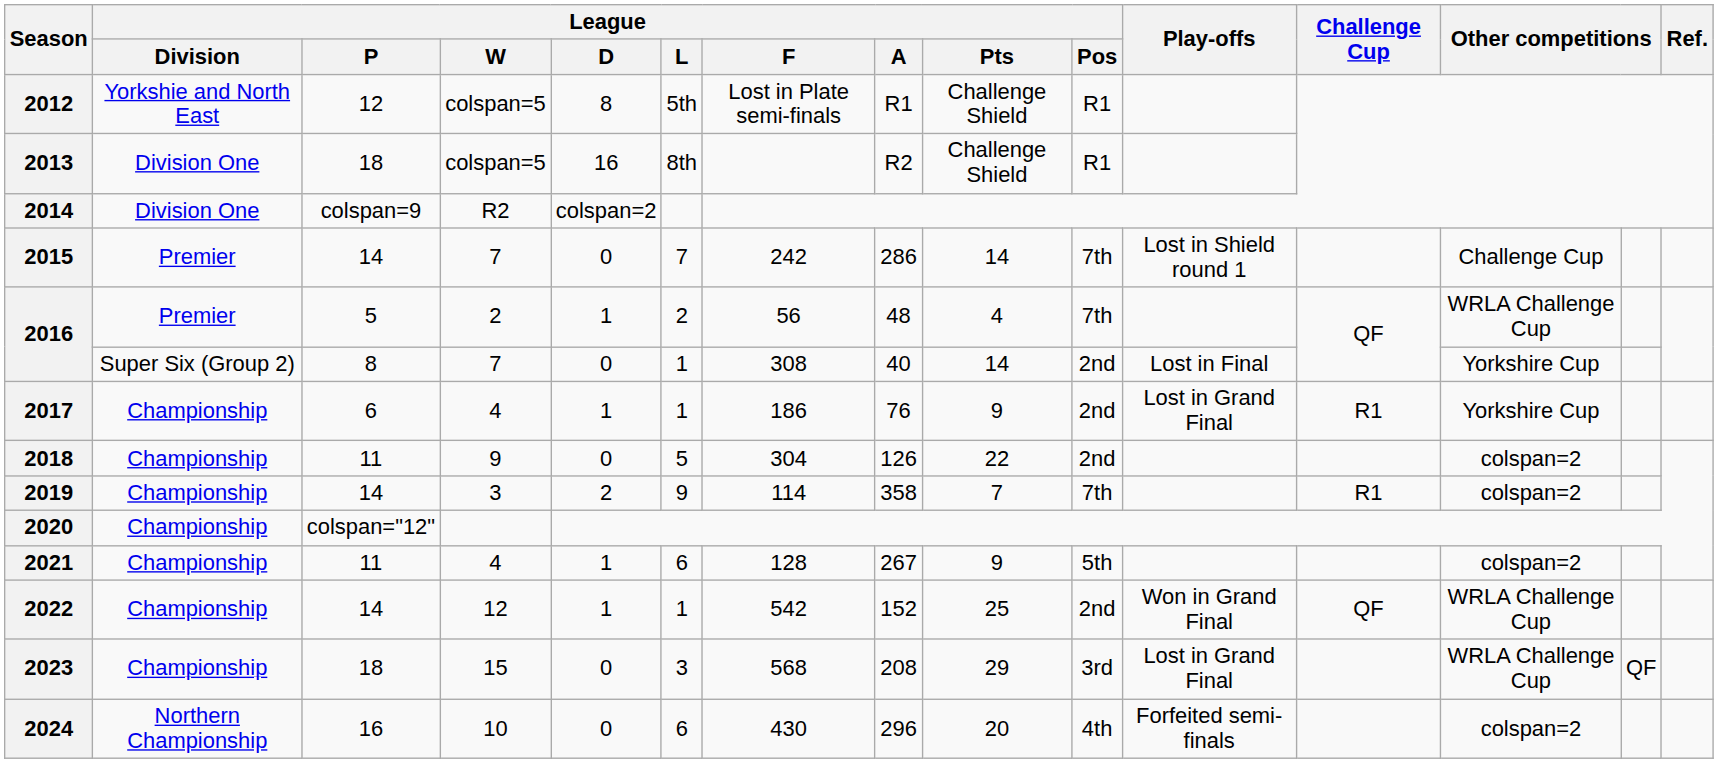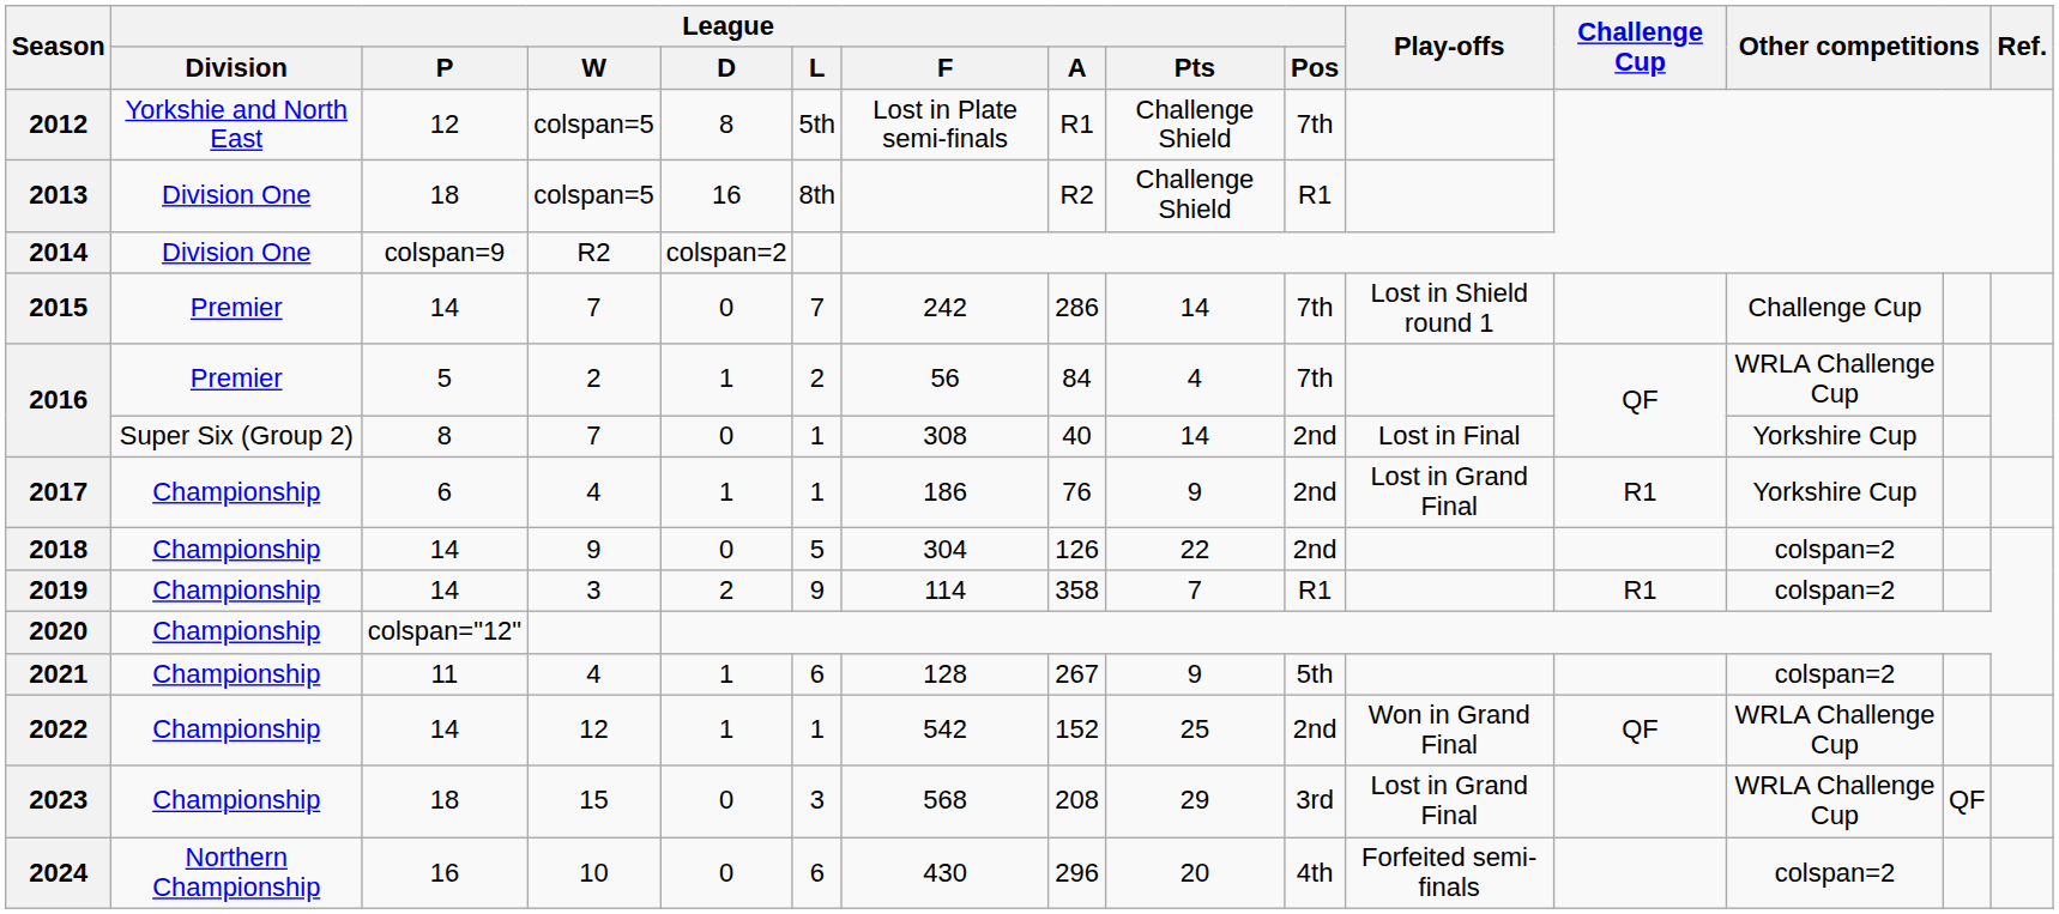 <table class="wikitable" style="text-align: center">
 <tr>
 <th rowspan="2" scope="col">Season</th>
 <th colspan="9" scope="col">League</th>
 <th rowspan="2" scope="col">Play-offs</th>
 <th rowspan="2" scope="col"><a href='#'>Challenge Cup</a></th>
 <th rowspan="2" colspan="2" scope="col">Other competitions</th>
 <th rowspan="2" scope="col">Ref.</th>
 </tr>
 <tr>
 <th scope="col">Division</th>
 <th scope="col">P</th>
 <th scope="col">W</th>
 <th scope="col">D</th>
 <th scope="col">L</th>
 <th scope="col">F</th>
 <th scope="col">A</th>
 <th scope="col">Pts</th>
 <th scope="col">Pos</th>
 </tr>
 <tr>
 <th scope="row">2012</th>
 <td><a href='#'>Yorkshie and North East</a></td>
 <td>12</td>
 <td>colspan=5</td>
 <td>8</td>
 <td>5th</td>
 <td>Lost in Plate semi-finals</td>
 <td>R1</td>
 <td>Challenge Shield</td>
-<td>R1</td>
+<td>7th</td>
 <td></td>
 </tr>
 <tr>
 <th scope="row">2013</th>
 <td><a href='#'>Division One</a></td>
 <td>18</td>
 <td>colspan=5</td>
 <td>16</td>
 <td>8th</td>
 <td></td>
 <td>R2</td>
 <td>Challenge Shield</td>
 <td>R1</td>
 <td></td>
 </tr>
 <tr>
 <th scope="row">2014</th>
 <td><a href='#'>Division One</a></td>
 <td>colspan=9</td>
 <td>R2</td>
 <td>colspan=2 </td>
 <td></td>
 </tr>
 <tr>
 <th scope="row">2015</th>
 <td><a href='#'>Premier</a></td>
 <td>14</td>
 <td>7</td>
 <td>0</td>
 <td>7</td>
 <td>242</td>
 <td>286</td>
 <td>14</td>
 <td>7th</td>
 <td>Lost in Shield round 1</td>
 <td></td>
 <td> Challenge Cup</td>
 <td></td>
 <td></td>
 </tr>
 <tr>
 <th scope="row" rowspan=2>2016</th>
 <td><a href='#'>Premier</a></td>
 <td>5</td>
 <td>2</td>
 <td>1</td>
 <td>2</td>
 <td>56</td>
-<td>48</td>
+<td>84</td>
 <td>4</td>
 <td>7th</td>
 <td></td>
 <td rowspan=2>QF</td>
 <td>WRLA Challenge Cup</td>
 <td></td>
 <td rowspan=2><br></td>
 </tr>
 <tr>
 <td>Super Six (Group 2)</td>
 <td>8</td>
 <td>7</td>
 <td>0</td>
 <td>1</td>
 <td>308</td>
 <td>40</td>
 <td>14</td>
 <td>2nd</td>
 <td>Lost in Final</td>
 <td>Yorkshire Cup</td>
 <td></td>
 </tr>
 <tr>
 <th scope="row">2017</th>
 <td><a href='#'>Championship</a></td>
 <td>6</td>
 <td>4</td>
 <td>1</td>
 <td>1</td>
 <td>186</td>
 <td>76</td>
 <td>9</td>
 <td>2nd</td>
 <td>Lost in Grand Final</td>
 <td>R1</td>
 <td>Yorkshire Cup</td>
 <td></td>
 <td></td>
 </tr>
 <tr>
 <th scope="row">2018</th>
 <td><a href='#'>Championship</a></td>
-<td>11</td>
+<td>14</td>
 <td>9</td>
 <td>0</td>
 <td>5</td>
 <td>304</td>
 <td>126</td>
 <td>22</td>
 <td>2nd</td>
 <td></td>
 <td></td>
 <td>colspan=2 </td>
 <td></td>
 </tr>
 <tr>
 <th scope="row">2019</th>
 <td><a href='#'>Championship</a></td>
 <td>14</td>
 <td>3</td>
 <td>2</td>
 <td>9</td>
 <td>114</td>
 <td>358</td>
 <td>7</td>
-<td>7th</td>
+<td>R1</td>
 <td></td>
 <td>R1</td>
 <td>colspan=2 </td>
 <td></td>
 </tr>
 <tr>
 <th scope="row">2020</th>
 <td><a href='#'>Championship</a></td>
 <td>colspan="12"</td>
 <td></td>
 </tr>
 <tr>
 <th scope="row">2021</th>
 <td><a href='#'>Championship</a></td>
 <td>11</td>
 <td>4</td>
 <td>1</td>
 <td>6</td>
 <td>128</td>
 <td>267</td>
 <td>9</td>
 <td>5th</td>
 <td></td>
 <td></td>
 <td>colspan=2 </td>
 <td></td>
 </tr>
 <tr>
 <th scope="row">2022</th>
 <td><a href='#'>Championship</a></td>
 <td>14</td>
 <td>12</td>
 <td>1</td>
 <td>1</td>
 <td>542</td>
 <td>152</td>
 <td>25</td>
 <td>2nd</td>
 <td>Won in Grand Final</td>
 <td>QF</td>
 <td>WRLA Challenge Cup</td>
 <td></td>
 <td></td>
 </tr>
 <tr>
 <th scope="row">2023</th>
 <td><a href='#'>Championship</a></td>
 <td>18</td>
 <td>15</td>
 <td>0</td>
 <td>3</td>
 <td>568</td>
 <td>208</td>
 <td>29</td>
 <td>3rd</td>
 <td>Lost in Grand Final</td>
 <td></td>
 <td>WRLA Challenge Cup</td>
 <td>QF</td>
 <td></td>
 </tr>
 <tr>
 <th scope="row">2024</th>
 <td><a href='#'>Northern Championship</a></td>
 <td>16</td>
 <td>10</td>
 <td>0</td>
 <td>6</td>
 <td>430</td>
 <td>296</td>
 <td>20</td>
 <td>4th</td>
 <td>Forfeited semi-finals</td>
 <td></td>
 <td>colspan=2 </td>
 <td></td>
 </tr>
 </table>
